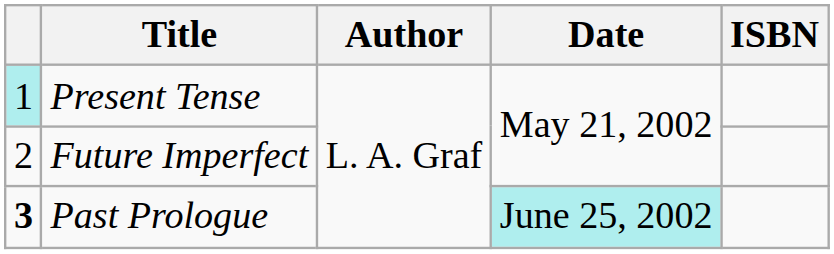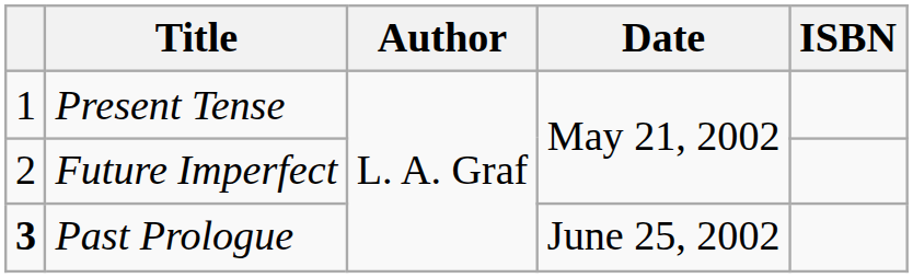 <table class="wikitable">
 <tr>
 <th></th>
 <th>Title</th>
 <th>Author</th>
 <th>Date</th>
 <th>ISBN</th>
 </tr>
 <tr>
-<td style="background: paleturquoise;">1</td>
+<td>1</td>
 <td><em>Present Tense</em></td>
 <td rowspan="3">L. A. Graf</td>
 <td rowspan="2">May 21, 2002</td>
 <td></td>
 </tr>
 <tr>
 <td>2</td>
 <td><em>Future Imperfect</em></td>
 <td></td>
 </tr>
 <tr>
 <td><strong>3</strong></td>
 <td><em>Past Prologue</em></td>
-<td style="background: paleturquoise;">June 25, 2002</td>
+<td>June 25, 2002</td>
 <td></td>
 </tr>
 </table>
